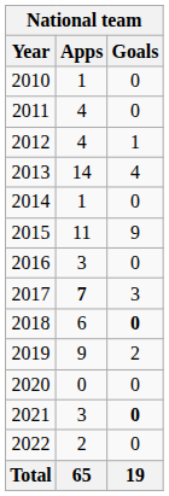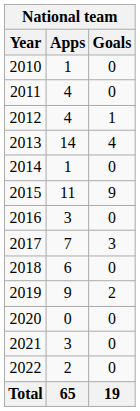 <table class="wikitable" style="text-align:center">
 <tr>
 <th colspan=3>National team</th>
 </tr>
 <tr>
 <th>Year</th>
 <th>Apps</th>
 <th>Goals</th>
 </tr>
 <tr>
 <td>2010</td>
 <td>1</td>
 <td>0</td>
 </tr>
 <tr>
 <td>2011</td>
 <td>4</td>
 <td>0</td>
 </tr>
 <tr>
 <td>2012</td>
 <td>4</td>
 <td>1</td>
 </tr>
 <tr>
 <td>2013</td>
 <td>14</td>
 <td>4</td>
 </tr>
 <tr>
 <td>2014</td>
 <td>1</td>
 <td>0</td>
 </tr>
 <tr>
 <td>2015</td>
 <td>11</td>
 <td>9</td>
 </tr>
 <tr>
 <td>2016</td>
 <td>3</td>
 <td>0</td>
 </tr>
 <tr>
 <td>2017</td>
-<td><strong>7</strong></td>
+<td>7</td>
 <td>3</td>
 </tr>
 <tr>
 <td>2018</td>
 <td>6</td>
-<td><strong>0</strong></td>
+<td>0</td>
 </tr>
 <tr>
 <td>2019</td>
 <td>9</td>
 <td>2</td>
 </tr>
 <tr>
 <td>2020</td>
 <td>0</td>
 <td>0</td>
 </tr>
 <tr>
 <td>2021</td>
 <td>3</td>
-<td><strong>0</strong></td>
+<td>0</td>
 </tr>
 <tr>
 <td>2022</td>
 <td>2</td>
 <td>0</td>
 </tr>
 <tr>
 <th>Total</th>
 <th>65</th>
 <th>19</th>
 </tr>
 </table>
